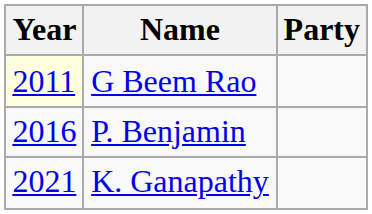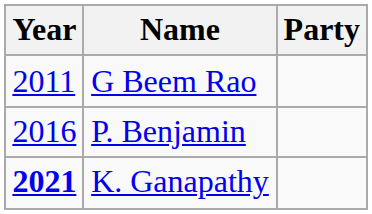 <table class="wikitable sortable">
 <tr>
 <th>Year</th>
 <th>Name</th>
 <th colspan=2>Party</th>
 </tr>
 <tr>
-<td style="background: lightyellow;"><a href='#'>2011</a></td>
+<td><a href='#'>2011</a></td>
 <td><a href='#'>G Beem Rao</a></td>
 <td></td>
 </tr>
 <tr>
 <td><a href='#'>2016</a></td>
 <td><a href='#'>P. Benjamin</a></td>
 <td></td>
 </tr>
 <tr>
-<td><a href='#'>2021</a></td>
+<td><strong><a href='#'>2021</a></strong></td>
 <td><a href='#'>K. Ganapathy</a></td>
 <td></td>
 </tr>
 </table>
